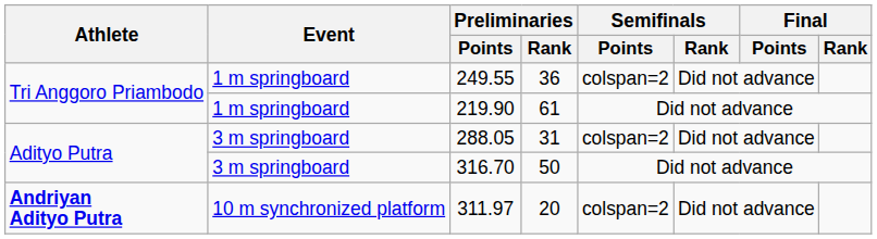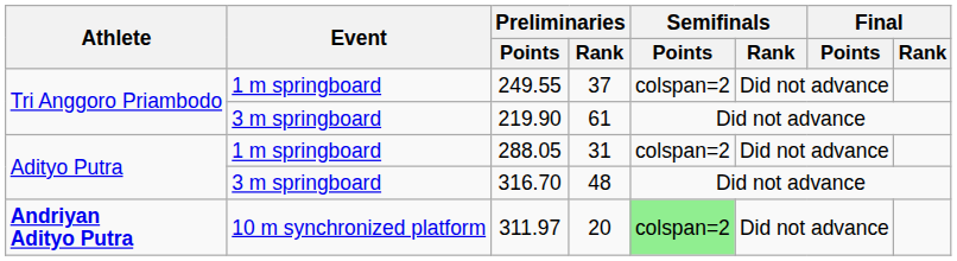 <table class=wikitable style="font-size:90%;">
 <tr>
 <th rowspan="2">Athlete</th>
 <th rowspan="2">Event</th>
 <th colspan="2">Preliminaries</th>
 <th colspan="2">Semifinals</th>
 <th colspan="2">Final</th>
 </tr>
 <tr style="font-size:95%">
 <th>Points</th>
 <th>Rank</th>
 <th>Points</th>
 <th>Rank</th>
 <th>Points</th>
 <th>Rank</th>
 </tr>
 <tr align=center>
 <td align=left rowspan=2><a href='#'>Tri Anggoro Priambodo</a></td>
 <td align=left><a href='#'>1 m springboard</a></td>
 <td>249.55</td>
-<td>36</td>
+<td>37</td>
 <td>colspan=2 </td>
 <td colspan=2>Did not advance</td>
 </tr>
 <tr align=center>
-<td align=left><a href='#'>1 m springboard</a></td>
+<td align=left><a href='#'>3 m springboard</a></td>
 <td>219.90</td>
 <td>61</td>
 <td colspan=4>Did not advance</td>
 </tr>
 <tr align=center>
 <td align=left rowspan=2><a href='#'>Adityo Putra</a></td>
-<td align=left><a href='#'>3 m springboard</a></td>
+<td align=left><a href='#'>1 m springboard</a></td>
 <td>288.05</td>
 <td>31</td>
 <td>colspan=2 </td>
 <td colspan=2>Did not advance</td>
 </tr>
 <tr align=center>
 <td align=left><a href='#'>3 m springboard</a></td>
 <td>316.70</td>
-<td>50</td>
+<td>48</td>
 <td colspan=4>Did not advance</td>
 </tr>
 <tr align=center>
 <td align=left><strong><a href='#'>Andriyan</a><br><a href='#'>Adityo Putra</a></strong></td>
 <td align=left><a href='#'>10 m synchronized platform</a></td>
 <td>311.97</td>
 <td>20</td>
-<td>colspan=2 </td>
+<td style="background: lightgreen;">colspan=2 </td>
 <td colspan=2>Did not advance</td>
 </tr>
 </table>
